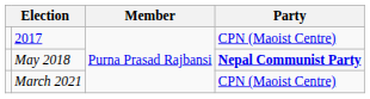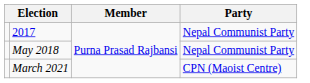 <table class="wikitable">
 <tr>
 <th colspan="2">Election</th>
 <th>Member</th>
 <th>Party</th>
 </tr>
 <tr>
 <td style="background-color:"></td>
 <td><a href='#'>2017</a></td>
 <td rowspan="3"><a href='#'>Purna Prasad Rajbansi</a></td>
-<td><a href='#'>CPN (Maoist Centre)</a></td>
+<td><a href='#'>Nepal Communist Party</a></td>
 </tr>
 <tr>
 <td style="background-color:"></td>
 <td><em>May 2018</em></td>
-<td><strong><a href='#'>Nepal Communist Party</a></strong></td>
+<td><a href='#'>Nepal Communist Party</a></td>
 </tr>
 <tr>
 <td style="background-color:"></td>
 <td><em>March 2021</em></td>
 <td><a href='#'>CPN (Maoist Centre)</a></td>
 </tr>
 </table>
